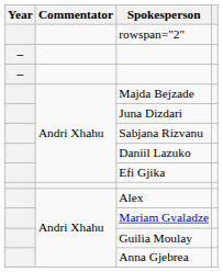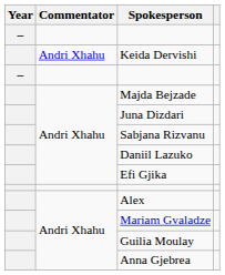 <table class="wikitable sortable plainrowheaders">
 <tr>
 <th scope="col">Year</th>
 <th scope="col">Commentator</th>
 <th scope="col">Spokesperson</th>
 <th scope="col" class="unsortable"></th>
 </tr>
 <tr>
-<th scope="row" style="text-align: center;"></th>
+<th scope="row" style="text-align: center;">–</th>
 <td></td>
-<td>rowspan="2" </td>
 <td style="text-align: center;"></td>
 </tr>
 <tr>
-<th scope="row" style="text-align: center;">–</th>
-<td></td>
+<th scope="row" style="text-align: center;"></th>
+<td><a href='#'>Andri Xhahu</a></td>
+<td>Keida Dervishi</td>
 <td style="text-align: center;"></td>
 </tr>
 <tr>
 <th scope="row" style="text-align: center;">–</th>
 <td></td>
 <td></td>
 <td style="text-align: center;"></td>
 </tr>
 <tr>
 <th scope="row" style="text-align: center;"></th>
 <td rowspan="5">Andri Xhahu</td>
 <td>Majda Bejzade</td>
 <td style="text-align: center;"></td>
 </tr>
 <tr>
 <th scope="row" style="text-align: center;"></th>
 <td>Juna Dizdari</td>
 <td style="text-align: center;"></td>
 </tr>
 <tr>
 <th scope="row" style="text-align: center;"></th>
 <td>Sabjana Rizvanu</td>
 <td style="text-align: center;"></td>
 </tr>
 <tr>
 <th scope="row" style="text-align: center;"></th>
 <td>Daniil Lazuko</td>
 <td style="text-align: center;"></td>
 </tr>
 <tr>
 <th scope="row" style="text-align: center;"></th>
 <td>Efi Gjika</td>
 <td style="text-align: center;"></td>
 </tr>
 <tr>
 <th scope="row" style="text-align: center;"></th>
 <td></td>
 <td></td>
 <td style="text-align: center;"></td>
 </tr>
 <tr>
 <th scope="row" style="text-align: center;"></th>
 <td rowspan="4">Andri Xhahu</td>
 <td>Alex</td>
 <td style="text-align: center;"></td>
 </tr>
 <tr>
 <th scope="row" style="text-align: center;"></th>
 <td><a href='#'>Mariam Gvaladze</a></td>
 <td style="text-align: center;"></td>
 </tr>
 <tr>
 <th scope="row" style="text-align: center;"></th>
 <td>Guilia Moulay</td>
 <td style="text-align: center;"></td>
 </tr>
 <tr>
 <th scope="row" style="text-align: center;"></th>
 <td>Anna Gjebrea</td>
 <td style="text-align: center;"></td>
 </tr>
 </table>
